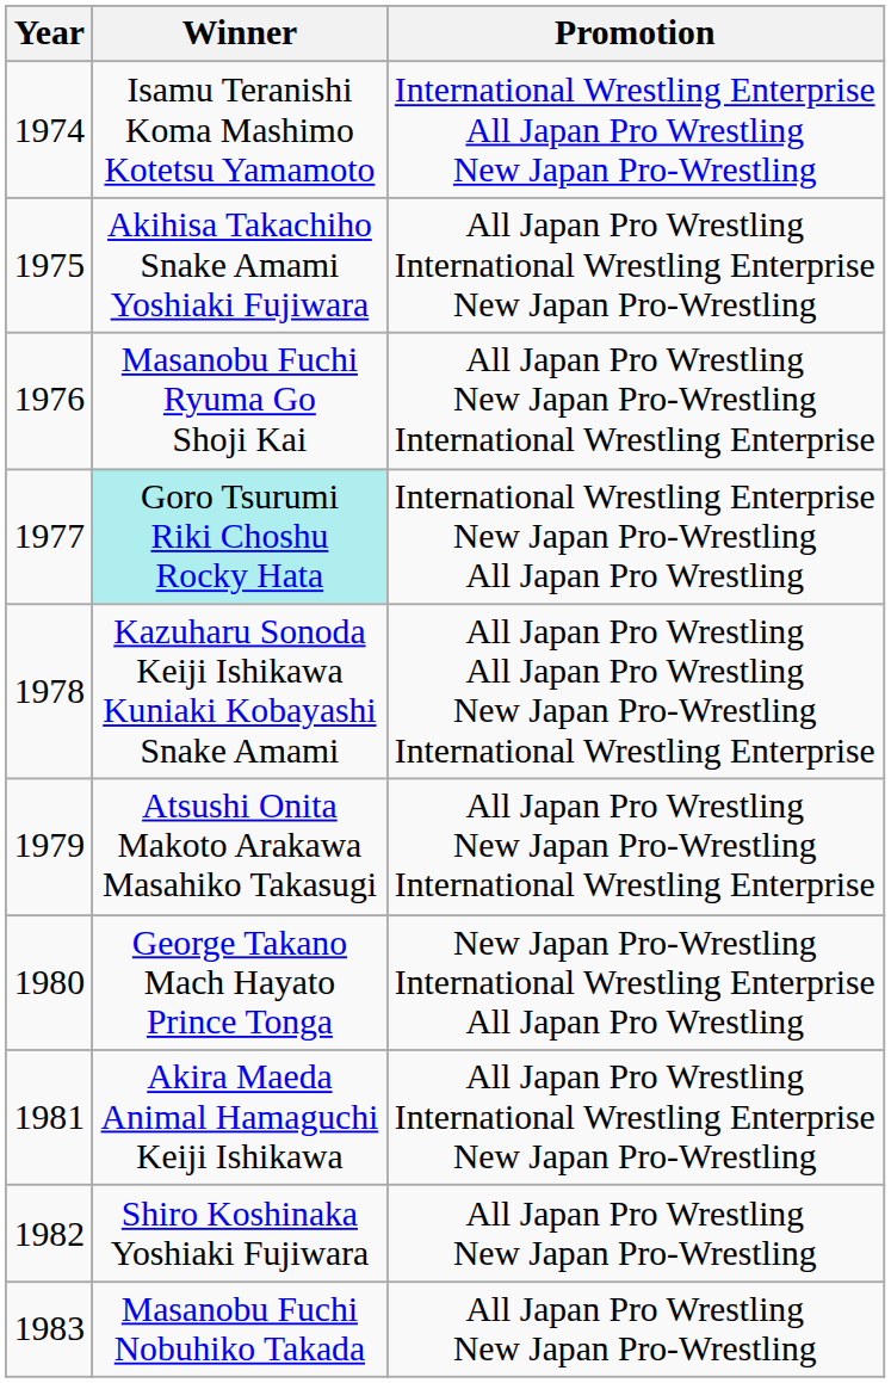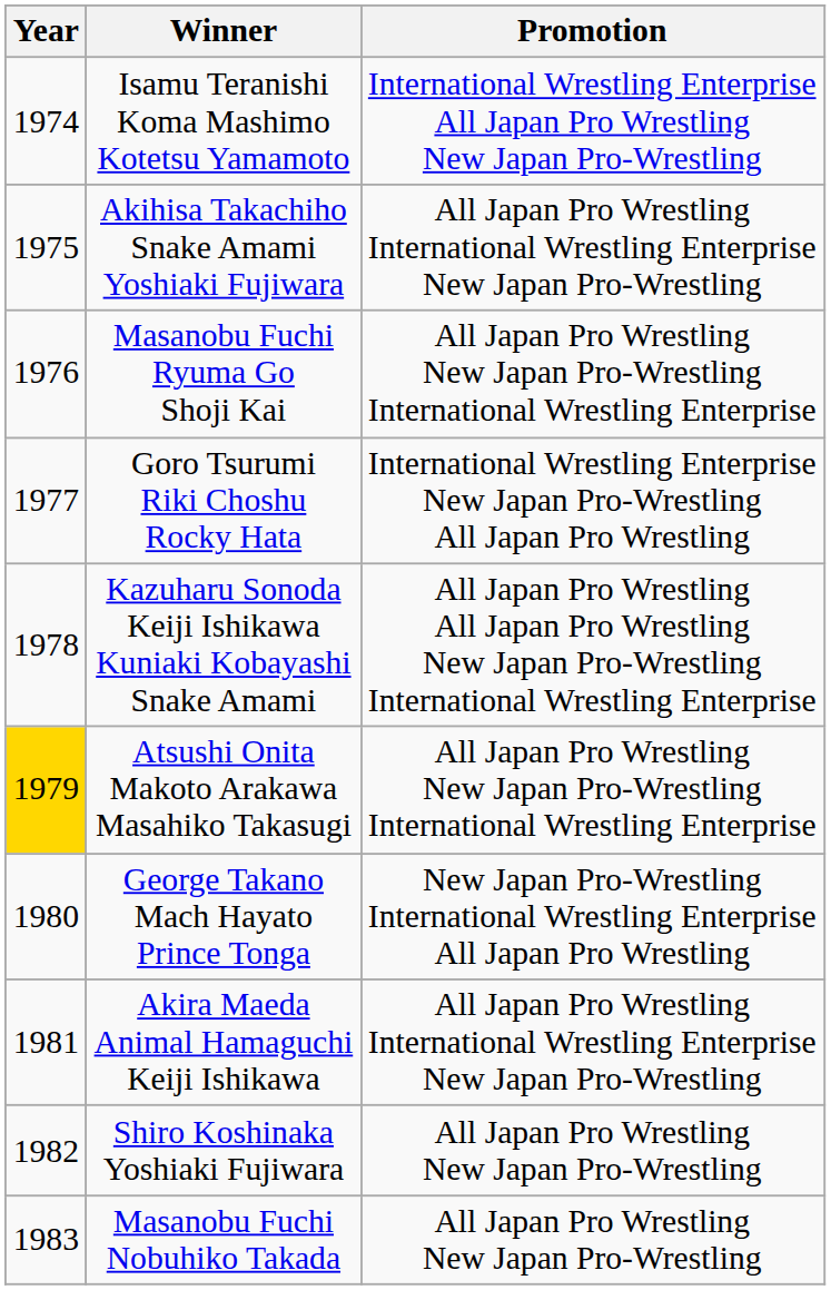 <table class="wikitable sortable" style="text-align: center">
 <tr>
 <th>Year</th>
 <th>Winner</th>
 <th>Promotion</th>
 </tr>
 <tr>
 <td>1974</td>
 <td>Isamu Teranishi<br>Koma Mashimo<br><a href='#'>Kotetsu Yamamoto</a></td>
 <td><a href='#'>International Wrestling Enterprise</a><br><a href='#'>All Japan Pro Wrestling</a><br><a href='#'>New Japan Pro-Wrestling</a></td>
 </tr>
 <tr>
 <td>1975</td>
 <td><a href='#'>Akihisa Takachiho</a><br>Snake Amami<br><a href='#'>Yoshiaki Fujiwara</a></td>
 <td>All Japan Pro Wrestling<br>International Wrestling Enterprise<br>New Japan Pro-Wrestling</td>
 </tr>
 <tr>
 <td>1976</td>
 <td><a href='#'>Masanobu Fuchi</a><br><a href='#'>Ryuma Go</a><br>Shoji Kai</td>
 <td>All Japan Pro Wrestling<br>New Japan Pro-Wrestling<br>International Wrestling Enterprise</td>
 </tr>
 <tr>
 <td>1977</td>
-<td style="background: paleturquoise;">Goro Tsurumi<br><a href='#'>Riki Choshu</a><br><a href='#'>Rocky Hata</a></td>
+<td>Goro Tsurumi<br><a href='#'>Riki Choshu</a><br><a href='#'>Rocky Hata</a></td>
 <td>International Wrestling Enterprise<br>New Japan Pro-Wrestling<br>All Japan Pro Wrestling</td>
 </tr>
 <tr>
 <td>1978</td>
 <td><a href='#'>Kazuharu Sonoda</a><br>Keiji Ishikawa<br><a href='#'>Kuniaki Kobayashi</a><br>Snake Amami</td>
 <td>All Japan Pro Wrestling<br>All Japan Pro Wrestling<br>New Japan Pro-Wrestling<br>International Wrestling Enterprise</td>
 </tr>
 <tr>
-<td>1979</td>
+<td style="background: gold;">1979</td>
 <td><a href='#'>Atsushi Onita</a><br>Makoto Arakawa<br>Masahiko Takasugi</td>
 <td>All Japan Pro Wrestling<br>New Japan Pro-Wrestling<br>International Wrestling Enterprise</td>
 </tr>
 <tr>
 <td>1980</td>
 <td><a href='#'>George Takano</a><br>Mach Hayato<br><a href='#'>Prince Tonga</a></td>
 <td>New Japan Pro-Wrestling<br>International Wrestling Enterprise<br>All Japan Pro Wrestling</td>
 </tr>
 <tr>
 <td>1981</td>
 <td><a href='#'>Akira Maeda</a><br><a href='#'>Animal Hamaguchi</a><br>Keiji Ishikawa</td>
 <td>All Japan Pro Wrestling<br>International Wrestling Enterprise<br>New Japan Pro-Wrestling</td>
 </tr>
 <tr>
 <td>1982</td>
 <td><a href='#'>Shiro Koshinaka</a><br>Yoshiaki Fujiwara</td>
 <td>All Japan Pro Wrestling<br>New Japan Pro-Wrestling</td>
 </tr>
 <tr>
 <td>1983</td>
 <td><a href='#'>Masanobu Fuchi</a><br><a href='#'>Nobuhiko Takada</a></td>
 <td>All Japan Pro Wrestling<br>New Japan Pro-Wrestling</td>
 </tr>
 </table>
